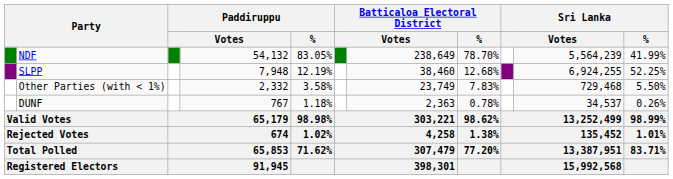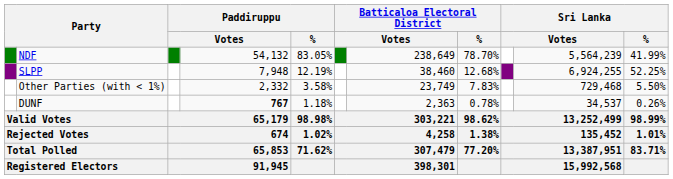 <table class="wikitable">
 <tr>
 <th colspan="2" width="144px"rowspan="2">Party</th>
 <th colspan="3" width="216px">Paddiruppu</th>
 <th colspan="3" width="216px"><a href='#'>Batticaloa Electoral District</a></th>
 <th colspan="3" width="216px">Sri Lanka</th>
 </tr>
 <tr>
 <th colspan="2" width="144px">Votes</th>
 <th>%</th>
 <th colspan="2" width="144px">Votes</th>
 <th>%</th>
 <th colspan="2" width="144px">Votes</th>
 <th>%</th>
 </tr>
 <tr>
 <td style="background-color:green;" width="10px"></td>
 <td style="text-align:left;"><a href='#'>NDF</a></td>
 <td style="background-color:green;" width="10px"></td>
 <td style="text-align:right;">54,132</td>
 <td style="text-align:right;">83.05%</td>
 <td style="background-color:green;" width="10px"></td>
 <td style="text-align:right;">238,649</td>
 <td style="text-align:right;">78.70%</td>
 <td style="background-color:white;" width="10px"></td>
 <td style="text-align:right;">5,564,239</td>
 <td style="text-align:right;">41.99%</td>
 </tr>
 <tr>
 <td style="background-color:purple;" width="10px"></td>
 <td style="text-align:left;"><a href='#'>SLPP</a></td>
 <td style="background-color:white;" width="10px"></td>
 <td style="text-align:right;">7,948</td>
 <td style="text-align:right;">12.19%</td>
 <td style="background-color:white;" width="10px"></td>
 <td style="text-align:right;">38,460</td>
 <td style="text-align:right;">12.68%</td>
 <td style="background-color:purple;" width="10px"></td>
 <td style="text-align:right;">6,924,255</td>
 <td style="text-align:right;">52.25%</td>
 </tr>
 <tr>
 <td style="background-color:white;" width="10px"></td>
 <td style="text-align:left;">Other Parties (with < 1%)</td>
 <td style="background-color:white;" width="10px"></td>
 <td style="text-align:right;">2,332</td>
 <td style="text-align:right;">3.58%</td>
 <td style="background-color:white;" width="10px"></td>
 <td style="text-align:right;">23,749</td>
 <td style="text-align:right;">7.83%</td>
 <td style="background-color:white;" width="10px"></td>
 <td style="text-align:right;">729,468</td>
 <td style="text-align:right;">5.50%</td>
 </tr>
 <tr>
 <td style="background-color:white;" width="10px"></td>
 <td style="text-align:left;">DUNF</td>
 <td style="background-color:white;" width="10px"></td>
-<td style="text-align:right;">767</td>
+<td style="text-align:right;"><strong>767</strong></td>
 <td style="text-align:right;">1.18%</td>
 <td style="background-color:white;" width="10px"></td>
 <td style="text-align:right;">2,363</td>
 <td style="text-align:right;">0.78%</td>
 <td style="background-color:white;" width="10px"></td>
 <td style="text-align:right;">34,537</td>
 <td style="text-align:right;">0.26%</td>
 </tr>
 <tr>
 <th colspan="2" width="144px"style="text-align:left;">Valid Votes</th>
 <th style="text-align:right;"colspan="2" width="144px">65,179</th>
 <th style="text-align:right;">98.98%</th>
 <th style="text-align:right;"colspan="2" width="144px">303,221</th>
 <th style="text-align:right;">98.62%</th>
 <th style="text-align:right;"colspan="2" width="144px">13,252,499</th>
 <th style="text-align:right;">98.99%</th>
 </tr>
 <tr>
 <th colspan="2" width="144px"style="text-align:left;">Rejected Votes</th>
 <th style="text-align:right;"colspan="2" width="144px">674</th>
 <th style="text-align:right;">1.02%</th>
 <th style="text-align:right;"colspan="2" width="144px">4,258</th>
 <th style="text-align:right;">1.38%</th>
 <th style="text-align:right;"colspan="2" width="144px">135,452</th>
 <th style="text-align:right;">1.01%</th>
 </tr>
 <tr>
 <th colspan="2" width="144px"style="text-align:left;">Total Polled</th>
 <th style="text-align:right;"colspan="2" width="144px">65,853</th>
 <th style="text-align:right;">71.62%</th>
 <th style="text-align:right;"colspan="2" width="144px">307,479</th>
 <th style="text-align:right;">77.20%</th>
 <th style="text-align:right;"colspan="2" width="144px">13,387,951</th>
 <th style="text-align:right;">83.71%</th>
 </tr>
 <tr>
 <th colspan="2" width="144px"style="text-align:left;">Registered Electors</th>
 <th style="text-align:right;"colspan="2" width="144px">91,945</th>
 <th></th>
 <th style="text-align:right;"colspan="2" width="144px">398,301</th>
 <th></th>
 <th style="text-align:right;"colspan="2" width="144px">15,992,568</th>
 <th></th>
 </tr>
 </table>
